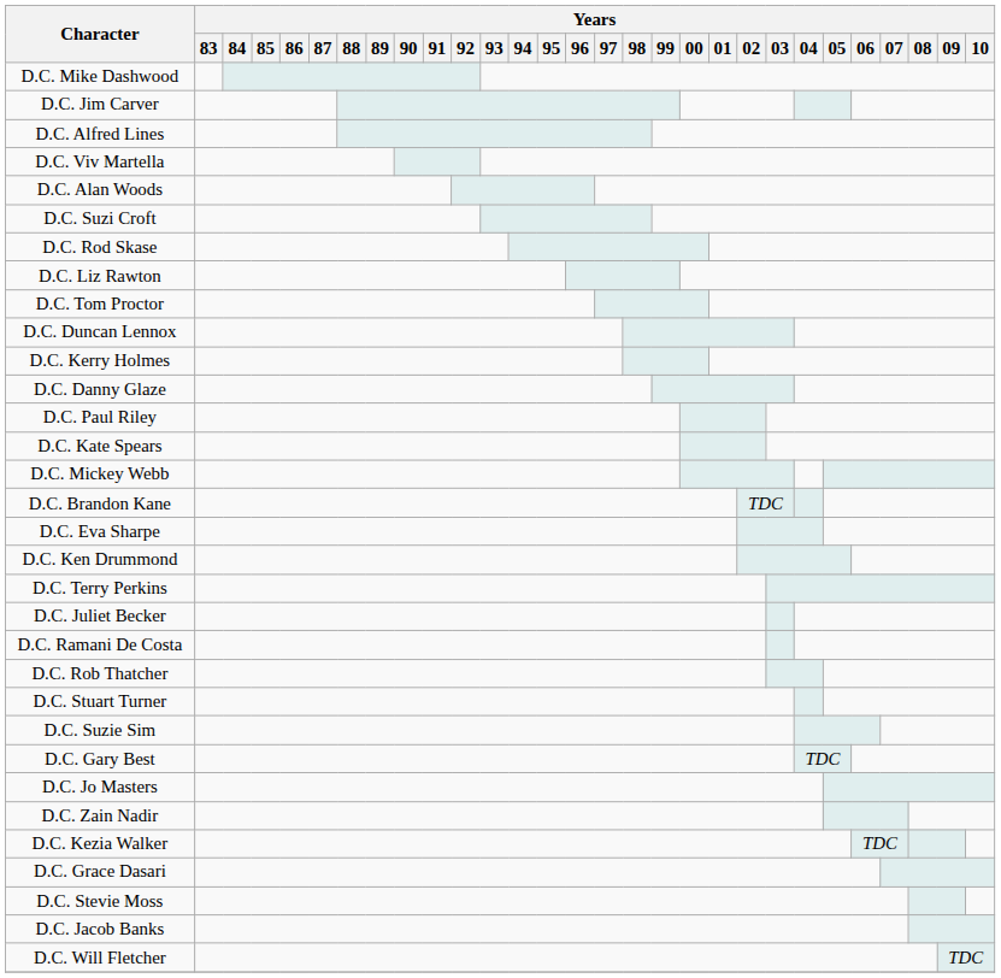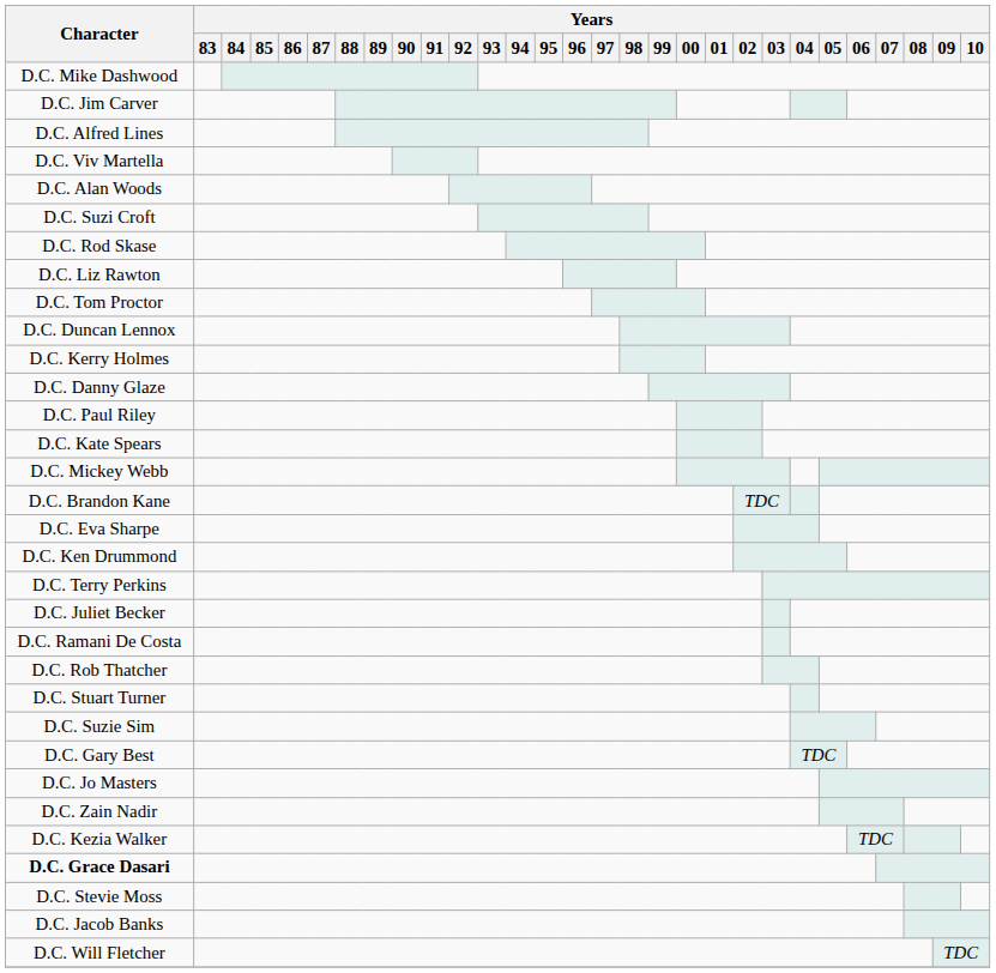 <table class="wikitable" style="text-align:center; width:100%;">
 <tr>
 <th rowspan="2">Character</th>
 <th colspan="28">Years</th>
 </tr>
 <tr>
 <th>83</th>
 <th>84</th>
 <th>85</th>
 <th>86</th>
 <th>87</th>
 <th>88</th>
 <th>89</th>
 <th>90</th>
 <th>91</th>
 <th>92</th>
 <th>93</th>
 <th>94</th>
 <th>95</th>
 <th>96</th>
 <th>97</th>
 <th>98</th>
 <th>99</th>
 <th>00</th>
 <th>01</th>
 <th>02</th>
 <th>03</th>
 <th>04</th>
 <th>05</th>
 <th>06</th>
 <th>07</th>
 <th>08</th>
 <th>09</th>
 <th>10</th>
 </tr>
 <tr>
 <td>D.C. Mike Dashwood</td>
 <td></td>
 <td align="center" colspan="9" style="background:#E0EEEE;"></td>
 <td colspan="24"></td>
 </tr>
 <tr>
 <td>D.C. Jim Carver</td>
 <td colspan="5"></td>
 <td align="center" colspan="12" style="background:#E0EEEE;"></td>
 <td colspan="4"></td>
 <td align="center" colspan="2" style="background:#E0EEEE;"></td>
 <td colspan="5"></td>
 </tr>
 <tr>
 <td>D.C. Alfred Lines</td>
 <td colspan="5"></td>
 <td align="center" colspan="11" style="background:#E0EEEE;"></td>
 <td colspan="12"></td>
 </tr>
 <tr>
 <td>D.C. Viv Martella</td>
 <td colspan="7"></td>
 <td align="center" colspan="3" style="background:#E0EEEE;"></td>
 <td colspan="18"></td>
 </tr>
 <tr>
 <td>D.C. Alan Woods</td>
 <td colspan="9"></td>
 <td align="center" colspan="5" style="background:#E0EEEE;"></td>
 <td colspan="14"></td>
 </tr>
 <tr>
 <td>D.C. Suzi Croft</td>
 <td colspan="10"></td>
 <td align="center" colspan="6" style="background:#E0EEEE;"></td>
 <td colspan="12"></td>
 </tr>
 <tr>
 <td>D.C. Rod Skase</td>
 <td colspan="11"></td>
 <td align="center" colspan="7" style="background:#E0EEEE;"></td>
 <td colspan="10"></td>
 </tr>
 <tr>
 <td>D.C. Liz Rawton</td>
 <td colspan="13"></td>
 <td align="center" colspan="4" style="background:#E0EEEE;"></td>
 <td colspan="11"></td>
 </tr>
 <tr>
 <td>D.C. Tom Proctor</td>
 <td colspan="14"></td>
 <td align="center" colspan="4" style="background:#E0EEEE;"></td>
 <td colspan="10"></td>
 </tr>
 <tr>
 <td>D.C. Duncan Lennox</td>
 <td colspan="15"></td>
 <td align="center" colspan="6" style="background:#E0EEEE;"></td>
 <td colspan="7"></td>
 </tr>
 <tr>
 <td>D.C. Kerry Holmes</td>
 <td colspan="15"></td>
 <td align="center" colspan="3" style="background:#E0EEEE;"></td>
 <td colspan="10"></td>
 </tr>
 <tr>
 <td>D.C. Danny Glaze</td>
 <td colspan="16"></td>
 <td align="center" colspan="5" style="background:#E0EEEE;"></td>
 <td colspan="7"></td>
 </tr>
 <tr>
 <td>D.C. Paul Riley</td>
 <td colspan="17"></td>
 <td align="center" colspan="3" style="background:#E0EEEE;"></td>
 <td colspan="8"></td>
 </tr>
 <tr>
 <td>D.C. Kate Spears</td>
 <td colspan="17"></td>
 <td align="center" colspan="3" style="background:#E0EEEE;"></td>
 <td colspan="8"></td>
 </tr>
 <tr>
 <td>D.C. Mickey Webb</td>
 <td colspan="17"></td>
 <td align="center" colspan="4" style="background:#E0EEEE;"></td>
 <td></td>
 <td align="center" colspan="6" style="background:#E0EEEE;"></td>
 </tr>
 <tr>
 <td>D.C. Brandon Kane</td>
 <td colspan="19"></td>
 <td align="center" colspan="2" style="background:#E0EEEE;"><em>TDC</em></td>
 <td align="center" colspan="1" style="background:#E0EEEE;"></td>
 <td colspan="6"></td>
 </tr>
 <tr>
 <td>D.C. Eva Sharpe</td>
 <td colspan="19"></td>
 <td align="center" colspan="3" style="background:#E0EEEE;"></td>
 <td colspan="6"></td>
 </tr>
 <tr>
 <td>D.C. Ken Drummond</td>
 <td colspan="19"></td>
 <td align="center" colspan="4" style="background:#E0EEEE;"></td>
 <td colspan="5"></td>
 </tr>
 <tr>
 <td>D.C. Terry Perkins</td>
 <td colspan="20"></td>
 <td align="center" colspan="8" style="background:#E0EEEE;"></td>
 </tr>
 <tr>
 <td>D.C. Juliet Becker</td>
 <td colspan="20"></td>
 <td align="center" colspan="1" style="background:#E0EEEE;"></td>
 <td colspan="7"></td>
 </tr>
 <tr>
 <td>D.C. Ramani De Costa</td>
 <td colspan="20"></td>
 <td align="center" colspan="1" style="background:#E0EEEE;"></td>
 <td colspan="7"></td>
 </tr>
 <tr>
 <td>D.C. Rob Thatcher</td>
 <td colspan="20"></td>
 <td align="center" colspan="2" style="background:#E0EEEE;"></td>
 <td colspan="6"></td>
 </tr>
 <tr>
 <td>D.C. Stuart Turner</td>
 <td colspan="21"></td>
 <td align="center" colspan="1" style="background:#E0EEEE;"></td>
 <td colspan="6"></td>
 </tr>
 <tr>
 <td>D.C. Suzie Sim</td>
 <td colspan="21"></td>
 <td align="center" colspan="3" style="background:#E0EEEE;"></td>
 <td colspan="4"></td>
 </tr>
 <tr>
 <td>D.C. Gary Best</td>
 <td colspan="21"></td>
 <td align="center" colspan="2" style="background:#E0EEEE;"><em>TDC</em></td>
 <td colspan="5"></td>
 </tr>
 <tr>
 <td>D.C. Jo Masters</td>
 <td colspan="22"></td>
 <td align="center" colspan="6" style="background:#E0EEEE;"></td>
 </tr>
 <tr>
 <td>D.C. Zain Nadir</td>
 <td colspan="22"></td>
 <td align="center" colspan="3" style="background:#E0EEEE;"></td>
 <td colspan="3"></td>
 </tr>
 <tr>
 <td>D.C. Kezia Walker</td>
 <td colspan="23"></td>
 <td align="center" colspan="2" style="background:#E0EEEE;"><em>TDC</em></td>
 <td align="center" colspan="2" style="background:#E0EEEE;"></td>
 <td></td>
 </tr>
 <tr>
-<td>D.C. Grace Dasari</td>
+<td><strong>D.C. Grace Dasari</strong></td>
 <td colspan="24"></td>
 <td align="center" colspan="4" style="background:#E0EEEE;"></td>
 </tr>
 <tr>
 <td>D.C. Stevie Moss</td>
 <td colspan="25"></td>
 <td align="center" colspan="2" style="background:#E0EEEE;"></td>
 <td></td>
 </tr>
 <tr>
 <td>D.C. Jacob Banks</td>
 <td colspan="25"></td>
 <td align="center" colspan="3" style="background:#E0EEEE;"></td>
 </tr>
 <tr>
 <td>D.C. Will Fletcher</td>
 <td colspan="26"></td>
 <td align="center" colspan="2" style="background:#E0EEEE;"><em>TDC</em></td>
 </tr>
 <tr>
 </tr>
 </table>
